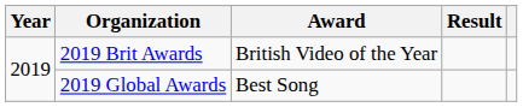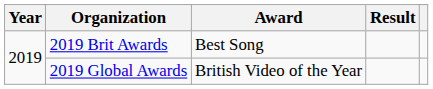 <table class="wikitable plainrowheaders">
 <tr>
 <th>Year</th>
 <th>Organization</th>
 <th>Award</th>
 <th>Result</th>
 <th></th>
 </tr>
 <tr>
 <td rowspan="2" align="center">2019</td>
 <td><a href='#'>2019 Brit Awards</a></td>
-<td>British Video of the Year</td>
+<td>Best Song</td>
 <td></td>
 <td></td>
 </tr>
 <tr>
 <td><a href='#'>2019 Global Awards</a></td>
-<td>Best Song</td>
+<td>British Video of the Year</td>
 <td></td>
 <td></td>
 </tr>
 </table>
